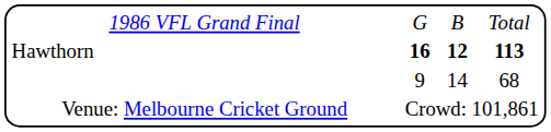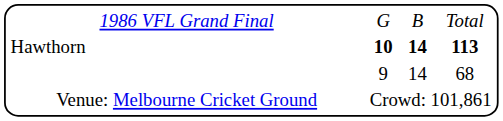 <table style="margin-right:4px; margin-top:8px; float:right; clear:right; border:1px #000 solid; border-radius:8px; background:#fff; font-family:Verdana; font-size:8pt; text-align:center;">
 <tr>
 <td style="width:200px;"><em><a href='#'>1986 VFL Grand Final</a></em></td>
 <td><em>G</em></td>
 <td><em>B</em></td>
 <td><em>Total</em></td>
 </tr>
 <tr>
 <td style="text-align:left">Hawthorn</td>
-<td><strong>16</strong></td>
-<td><strong>12</strong></td>
+<td><strong>10</strong></td>
+<td><strong>14</strong></td>
 <td><strong>113</strong></td>
 </tr>
 <tr>
 <td style="text-align:left"></td>
 <td>9</td>
 <td>14</td>
 <td>68</td>
 </tr>
 <tr>
 <td>Venue: <a href='#'>Melbourne Cricket Ground</a></td>
 <td colspan="3">Crowd: 101,861</td>
 </tr>
 </table>
